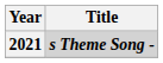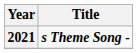 <table class="wikitable plainrowheaders">
 <tr>
 <th scope="col">Year</th>
 <th scope="col">Title</th>
 </tr>
 <tr>
 <th scope="row">2021</th>
-<td style="background: lightgrey;"><em><strong>s Theme Song - </td>
+<td><em><strong>s Theme Song - </td>
 </tr>
 <tr>
 </tr>
 </table>
